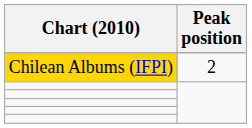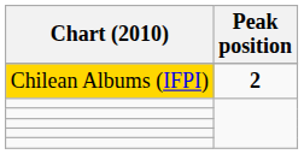 <table class="wikitable sortable">
 <tr>
 <th align="left">Chart (2010)</th>
 <th align="left">Peak<br>position</th>
 </tr>
 <tr>
 </tr>
 <tr>
 <td align="left" style="background: gold;">Chilean Albums (<a href='#'>IFPI</a>)</td>
-<td style="text-align:center;">2</td>
+<td style="text-align:center;"><strong>2</strong></td>
 </tr>
 <tr>
 <td></td>
 </tr>
 <tr>
 <td></td>
 </tr>
 <tr>
 <td></td>
 </tr>
 <tr>
 <td></td>
 </tr>
 <tr>
 <td></td>
 </tr>
 </table>
